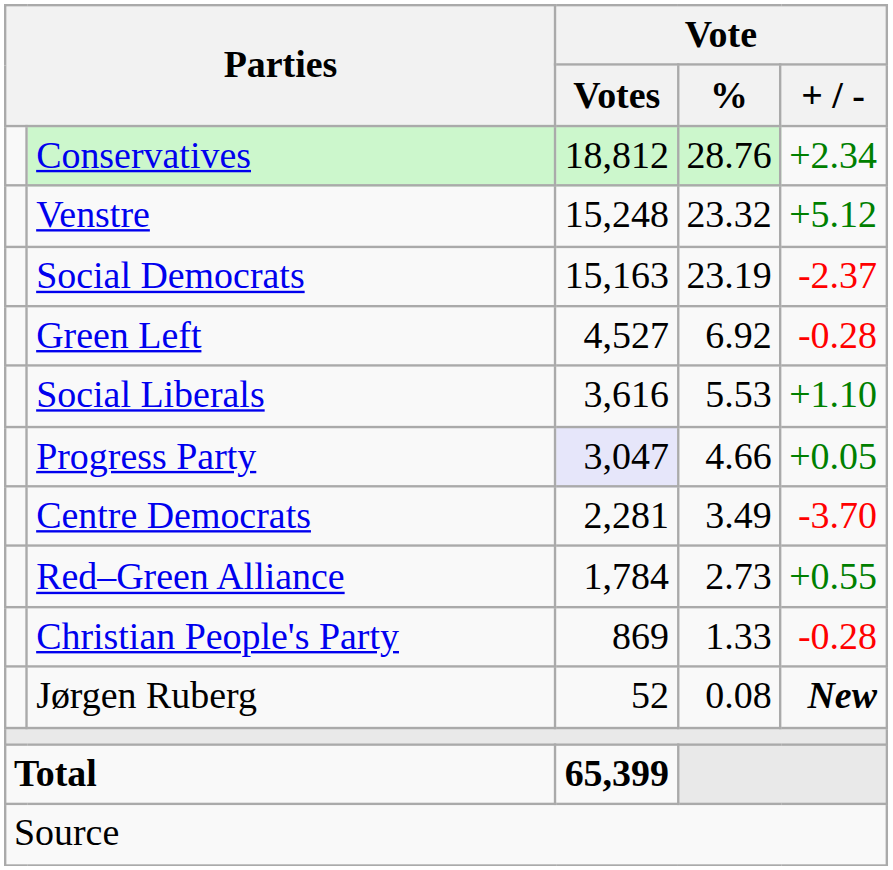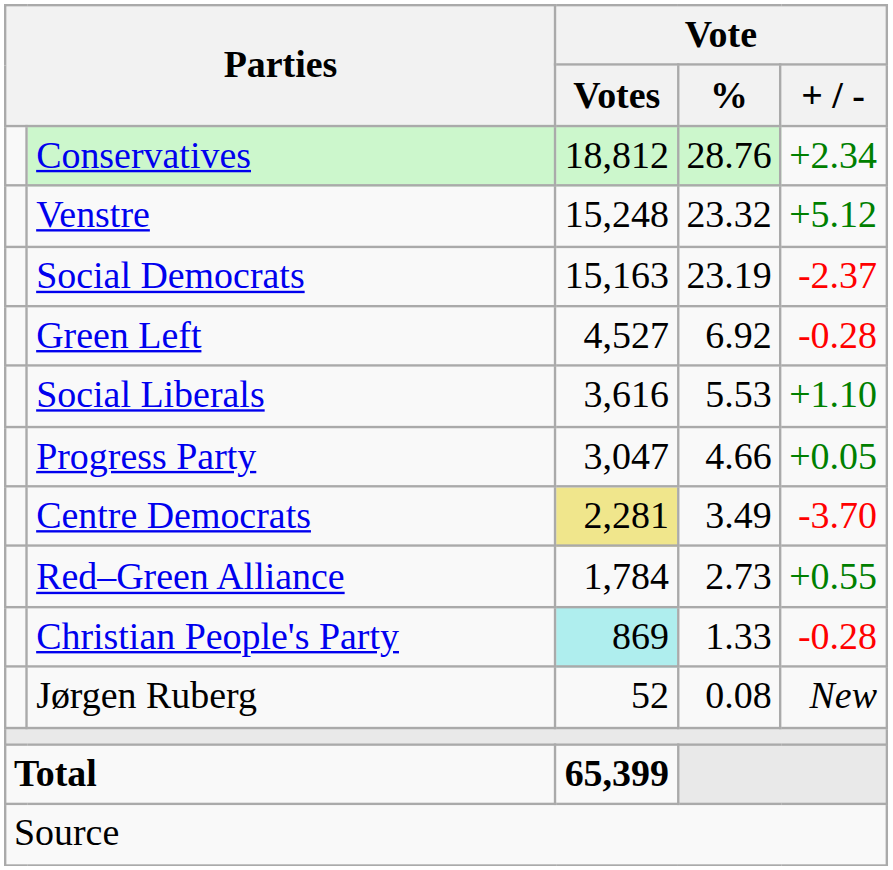 <table class="wikitable" style="text-align:right;">
 <tr>
 <th style="text-align:centre;" rowspan="2" colspan="2" width="225">Parties</th>
 <th colspan="3">Vote</th>
 </tr>
 <tr>
 <th width="15">Votes</th>
 <th width="15">%</th>
 <th width="15">+ / -</th>
 </tr>
 <tr>
 <td width="2" style="color:inherit;background:"></td>
 <td bgcolor=#ccf7cc  align="left"><a href='#'>Conservatives</a></td>
 <td bgcolor=#ccf7cc>18,812</td>
 <td bgcolor=#ccf7cc>28.76</td>
 <td style=color:green;>+2.34</td>
 </tr>
 <tr>
 <td width="2" style="color:inherit;background:"></td>
 <td align="left"><a href='#'>Venstre</a></td>
 <td>15,248</td>
 <td>23.32</td>
 <td style=color:green;>+5.12</td>
 </tr>
 <tr>
 <td width="2" style="color:inherit;background:"></td>
 <td align="left"><a href='#'>Social Democrats</a></td>
 <td>15,163</td>
 <td>23.19</td>
 <td style=color:red;>-2.37</td>
 </tr>
 <tr>
 <td width="2" style="color:inherit;background:"></td>
 <td align="left"><a href='#'>Green Left</a></td>
 <td>4,527</td>
 <td>6.92</td>
 <td style=color:red;>-0.28</td>
 </tr>
 <tr>
 <td width="2" style="color:inherit;background:"></td>
 <td align="left"><a href='#'>Social Liberals</a></td>
 <td>3,616</td>
 <td>5.53</td>
 <td style=color:green;>+1.10</td>
 </tr>
 <tr>
 <td width="2" style="color:inherit;background:"></td>
 <td align="left"><a href='#'>Progress Party</a></td>
-<td style="background: lavender;">3,047</td>
+<td>3,047</td>
 <td>4.66</td>
 <td style=color:green;>+0.05</td>
 </tr>
 <tr>
 <td width="2" style="color:inherit;background:"></td>
 <td align="left"><a href='#'>Centre Democrats</a></td>
-<td>2,281</td>
+<td style="background: khaki;">2,281</td>
 <td>3.49</td>
 <td style=color:red;>-3.70</td>
 </tr>
 <tr>
 <td width="2" style="color:inherit;background:"></td>
 <td align="left"><a href='#'>Red–Green Alliance</a></td>
 <td>1,784</td>
 <td>2.73</td>
 <td style=color:green;>+0.55</td>
 </tr>
 <tr>
 <td width="2" style="color:inherit;background:"></td>
 <td align="left"><a href='#'>Christian People's Party</a></td>
-<td>869</td>
+<td style="background: paleturquoise;">869</td>
 <td>1.33</td>
 <td style=color:red;>-0.28</td>
 </tr>
 <tr>
 <td width="2" style="color:inherit;background:"></td>
 <td align="left">Jørgen Ruberg</td>
 <td>52</td>
 <td>0.08</td>
-<td><strong><em>New</em></strong></td>
+<td><em>New</em></td>
 </tr>
 <tr>
 <td colspan="7" bgcolor="#E9E9E9"></td>
 </tr>
 <tr>
 <td align="left" colspan="2"><strong>Total</strong></td>
 <td><strong>65,399</strong></td>
 <td bgcolor="#E9E9E9" colspan="2"></td>
 </tr>
 <tr>
 <td align="left" colspan="6">Source</td>
 </tr>
 </table>
